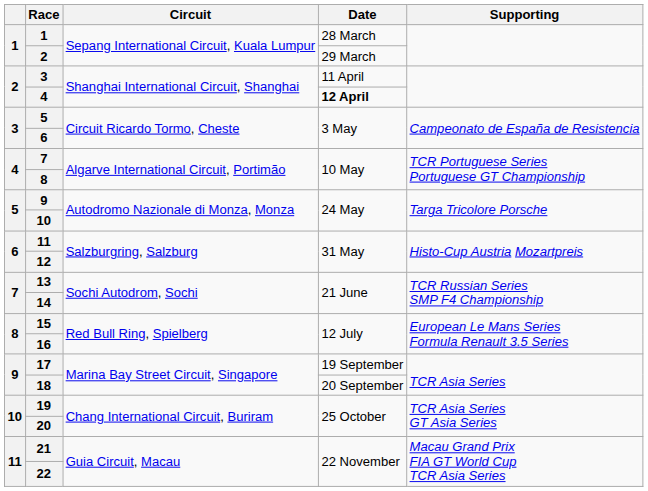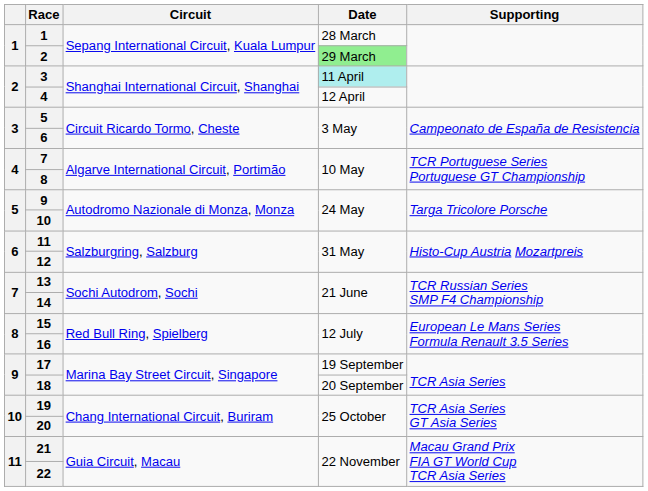 <table class="wikitable" style="font-size: 85%">
 <tr>
 <th></th>
 <th>Race</th>
 <th>Circuit</th>
 <th>Date</th>
 <th>Supporting</th>
 </tr>
 <tr>
 <th rowspan=2>1</th>
 <th>1</th>
 <td rowspan=2> <a href='#'>Sepang International Circuit</a>, <a href='#'>Kuala Lumpur</a></td>
 <td>28 March</td>
 <td rowspan=2><em></em></td>
 </tr>
 <tr>
 <th>2</th>
-<td>29 March</td>
+<td style="background: lightgreen;">29 March</td>
 </tr>
 <tr>
 <th rowspan=2>2</th>
 <th>3</th>
 <td rowspan=2> <a href='#'>Shanghai International Circuit</a>, <a href='#'>Shanghai</a></td>
-<td>11 April</td>
+<td style="background: paleturquoise;">11 April</td>
 <td rowspan=2><em></em></td>
 </tr>
 <tr>
 <th>4</th>
-<td><strong>12 April</strong></td>
+<td>12 April</td>
 </tr>
 <tr>
 <th rowspan=2>3</th>
 <th>5</th>
 <td rowspan=2> <a href='#'>Circuit Ricardo Tormo</a>, <a href='#'>Cheste</a></td>
 <td rowspan=2>3 May</td>
 <td rowspan=2><em><a href='#'>Campeonato de España de Resistencia</a></em></td>
 </tr>
 <tr>
 <th>6</th>
 </tr>
 <tr>
 <th rowspan=2>4</th>
 <th>7</th>
 <td rowspan=2> <a href='#'>Algarve International Circuit</a>, <a href='#'>Portimão</a></td>
 <td rowspan=2>10 May</td>
 <td rowspan=2><em><a href='#'>TCR Portuguese Series</a></em><br><em><a href='#'>Portuguese GT Championship</a></em></td>
 </tr>
 <tr>
 <th>8</th>
 </tr>
 <tr>
 <th rowspan=2>5</th>
 <th>9</th>
 <td rowspan=2> <a href='#'>Autodromo Nazionale di Monza</a>, <a href='#'>Monza</a></td>
 <td rowspan=2>24 May</td>
 <td rowspan=2><em><a href='#'>Targa Tricolore Porsche</a></em></td>
 </tr>
 <tr>
 <th>10</th>
 </tr>
 <tr>
 <th rowspan=2>6</th>
 <th>11</th>
 <td rowspan=2> <a href='#'>Salzburgring</a>, <a href='#'>Salzburg</a></td>
 <td rowspan=2>31 May</td>
 <td rowspan=2><em><a href='#'>Histo-Cup Austria</a> <a href='#'>Mozartpreis</a></em></td>
 </tr>
 <tr>
 <th>12</th>
 </tr>
 <tr>
 <th rowspan=2>7</th>
 <th>13</th>
 <td rowspan=2> <a href='#'>Sochi Autodrom</a>, <a href='#'>Sochi</a></td>
 <td rowspan=2>21 June</td>
 <td rowspan=2><em><a href='#'>TCR Russian Series</a></em><br><em><a href='#'>SMP F4 Championship</a></em></td>
 </tr>
 <tr>
 <th>14</th>
 </tr>
 <tr>
 <th rowspan=2>8</th>
 <th>15</th>
 <td rowspan=2> <a href='#'>Red Bull Ring</a>, <a href='#'>Spielberg</a></td>
 <td rowspan=2>12 July</td>
 <td rowspan=2><em><a href='#'>European Le Mans Series</a></em><br><em><a href='#'>Formula Renault 3.5 Series</a></em></td>
 </tr>
 <tr>
 <th>16</th>
 </tr>
 <tr>
 <th rowspan=2>9</th>
 <th>17</th>
 <td rowspan=2> <a href='#'>Marina Bay Street Circuit</a>, <a href='#'>Singapore</a></td>
 <td>19 September</td>
 <td rowspan=2><em></em><br><em><a href='#'>TCR Asia Series</a></em></td>
 </tr>
 <tr>
 <th>18</th>
 <td>20 September</td>
 </tr>
 <tr>
 <th rowspan=2>10</th>
 <th>19</th>
 <td rowspan=2> <a href='#'>Chang International Circuit</a>, <a href='#'>Buriram</a></td>
 <td rowspan=2>25 October</td>
 <td rowspan=2><em><a href='#'>TCR Asia Series</a></em><br><em><a href='#'>GT Asia Series</a></em></td>
 </tr>
 <tr>
 <th>20</th>
 </tr>
 <tr>
 <th rowspan=2>11</th>
 <th>21</th>
 <td rowspan=2> <a href='#'>Guia Circuit</a>, <a href='#'>Macau</a></td>
 <td rowspan=2>22 November</td>
 <td rowspan=2><em><a href='#'>Macau Grand Prix</a></em><br><em><a href='#'>FIA GT World Cup</a></em><br><em><a href='#'>TCR Asia Series</a></em></td>
 </tr>
 <tr>
 <th>22</th>
 </tr>
 </table>
